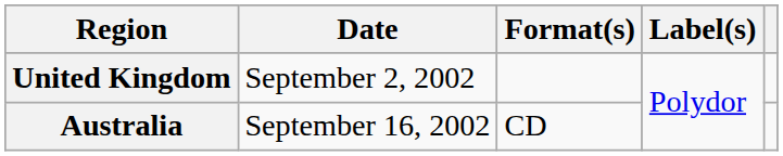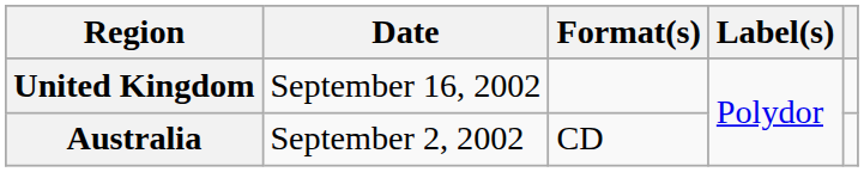 <table class="wikitable plainrowheaders">
 <tr>
 <th scope="col">Region</th>
 <th scope="col">Date</th>
 <th scope="col">Format(s)</th>
 <th scope="col">Label(s)</th>
 <th scope="col"></th>
 </tr>
 <tr>
 <th scope="row">United Kingdom</th>
-<td>September 2, 2002</td>
+<td>September 16, 2002</td>
 <td></td>
 <td rowspan="2"><a href='#'>Polydor</a></td>
 <td align="center"></td>
 </tr>
 <tr>
 <th scope="row">Australia</th>
-<td>September 16, 2002</td>
+<td>September 2, 2002</td>
 <td>CD</td>
 <td align="center"></td>
 </tr>
 </table>
